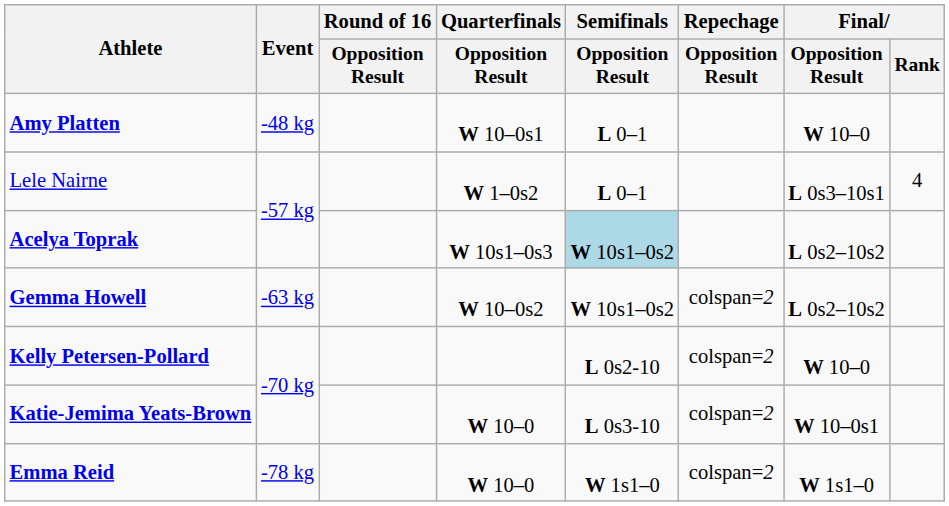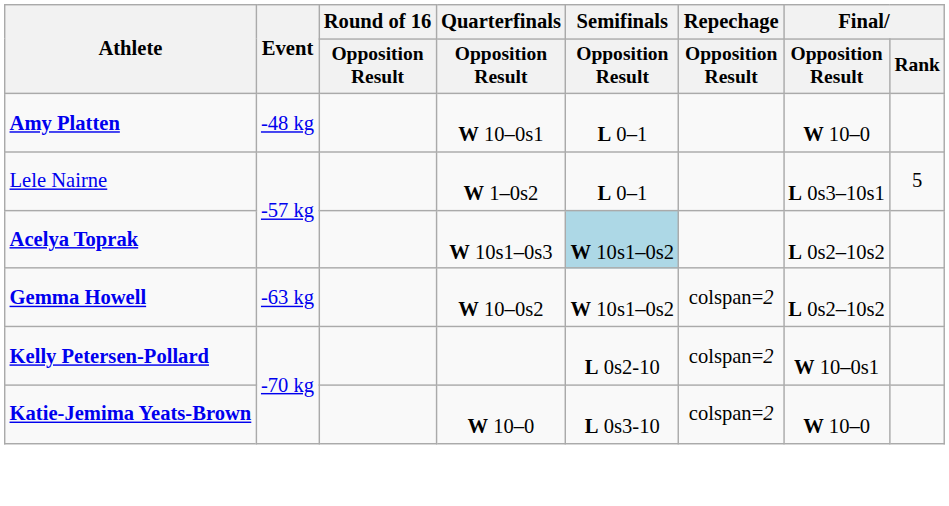 <table class="wikitable" style="font-size:90%;">
 <tr>
 <th rowspan=2>Athlete</th>
 <th rowspan=2>Event</th>
 <th>Round of 16</th>
 <th>Quarterfinals</th>
 <th>Semifinals</th>
 <th>Repechage</th>
 <th colspan=2>Final/</th>
 </tr>
 <tr style="font-size:95%">
 <th>Opposition<br>Result</th>
 <th>Opposition<br>Result</th>
 <th>Opposition<br>Result</th>
 <th>Opposition<br>Result</th>
 <th>Opposition<br>Result</th>
 <th>Rank</th>
 </tr>
 <tr align=center>
 <td align=left><strong><a href='#'>Amy Platten</a></strong></td>
 <td align=left><a href='#'>-48 kg</a></td>
 <td></td>
 <td><br><strong>W</strong> 10–0s1</td>
 <td><br><strong>L</strong> 0–1</td>
 <td></td>
 <td><br><strong>W</strong> 10–0</td>
 <td></td>
 </tr>
 <tr align=center>
 <td align=left><a href='#'>Lele Nairne</a></td>
 <td align=left rowspan=2><a href='#'>-57 kg</a></td>
 <td></td>
 <td><br><strong>W</strong> 1–0s2</td>
 <td><br><strong>L</strong> 0–1</td>
 <td></td>
 <td><br><strong>L</strong> 0s3–10s1</td>
-<td>4</td>
+<td>5</td>
 </tr>
 <tr align=center>
 <td align=left><strong><a href='#'>Acelya Toprak</a></strong></td>
 <td></td>
 <td><br><strong>W</strong> 10s1–0s3</td>
 <td style="background: lightblue;"><br><strong>W</strong> 10s1–0s2</td>
 <td></td>
 <td><br><strong>L</strong> 0s2–10s2</td>
 <td></td>
 </tr>
 <tr align=center>
 <td align=left><strong><a href='#'>Gemma Howell</a></strong></td>
 <td align=left><a href='#'>-63 kg</a></td>
 <td></td>
 <td><br><strong>W</strong> 10–0s2</td>
 <td><br><strong>W</strong> 10s1–0s2</td>
 <td>colspan=<em>2</em> </td>
 <td><br><strong>L</strong> 0s2–10s2</td>
 <td></td>
 </tr>
 <tr align=center>
 <td align=left><strong><a href='#'>Kelly Petersen-Pollard</a></strong></td>
 <td align=left rowspan=2><a href='#'>-70 kg</a></td>
 <td></td>
 <td></td>
 <td><br><strong>L</strong> 0s2-10</td>
 <td>colspan=<em>2</em> </td>
-<td><br><strong>W</strong> 10–0</td>
+<td><br><strong>W</strong> 10–0s1</td>
 <td></td>
 </tr>
 <tr align=center>
 <td align=left><strong><a href='#'>Katie-Jemima Yeats-Brown</a></strong></td>
 <td></td>
 <td><br><strong>W</strong> 10–0</td>
 <td><br><strong>L</strong> 0s3-10</td>
 <td>colspan=<em>2</em> </td>
-<td><br><strong>W</strong> 10–0s1</td>
-<td></td>
-</tr>
-<tr align=center>
-<td align=left><strong><a href='#'>Emma Reid</a></strong></td>
-<td align=left><a href='#'>-78 kg</a></td>
-<td></td>
 <td><br><strong>W</strong> 10–0</td>
-<td><br><strong>W</strong> 1s1–0</td>
-<td>colspan=<em>2</em> </td>
-<td><br><strong>W</strong> 1s1–0</td>
 <td></td>
 </tr>
 </table>
